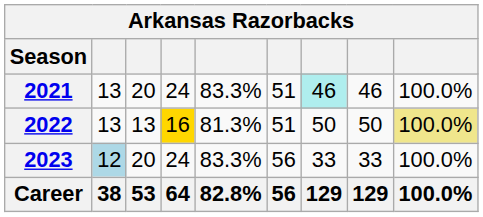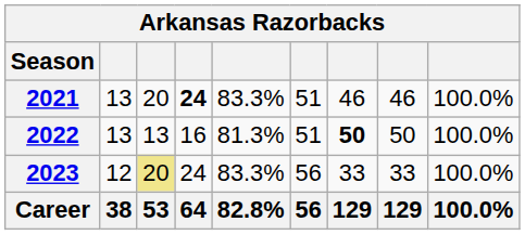 <table class="wikitable" style="text-align:center;">
 <tr>
 <th colspan="16">Arkansas Razorbacks</th>
 </tr>
 <tr>
 <th>Season</th>
 <th></th>
 <th></th>
 <th></th>
 <th></th>
 <th></th>
 <th></th>
 <th></th>
 <th></th>
 </tr>
 <tr>
 <th><a href='#'>2021</a></th>
 <td>13</td>
 <td>20</td>
-<td>24</td>
+<td><strong>24</strong></td>
 <td>83.3%</td>
 <td>51</td>
-<td style="background: paleturquoise;">46</td>
+<td>46</td>
 <td>46</td>
 <td>100.0%</td>
 </tr>
 <tr>
 <th><a href='#'>2022</a></th>
 <td>13</td>
 <td>13</td>
-<td style="background: gold;">16</td>
+<td>16</td>
 <td>81.3%</td>
 <td>51</td>
+<td><strong>50</strong></td>
 <td>50</td>
-<td>50</td>
-<td style="background: khaki;">100.0%</td>
+<td>100.0%</td>
 </tr>
 <tr>
 <th><a href='#'>2023</a></th>
-<td style="background: lightblue;">12</td>
-<td>20</td>
+<td>12</td>
+<td style="background: khaki;">20</td>
 <td>24</td>
 <td>83.3%</td>
 <td>56</td>
 <td>33</td>
 <td>33</td>
 <td>100.0%</td>
 </tr>
 <tr>
 <th>Career</th>
 <th>38</th>
 <th>53</th>
 <th>64</th>
 <th>82.8%</th>
 <th>56</th>
 <th>129</th>
 <th>129</th>
 <th>100.0%</th>
 </tr>
 </table>
